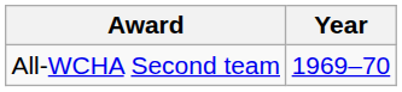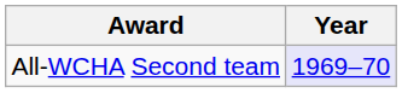 <table class="wikitable">
 <tr>
 <th>Award</th>
 <th>Year</th>
 </tr>
 <tr>
 <td>All-<a href='#'>WCHA</a> <a href='#'>Second team</a></td>
-<td><a href='#'>1969–70</a></td>
+<td style="background: lavender;"><a href='#'>1969–70</a></td>
 </tr>
 </table>
